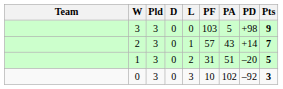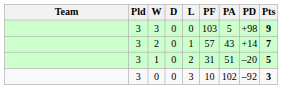 <table class="wikitable" style="text-align:center;">
 <tr>
 <th width=190>Team</th>
+<th width=20 abbr="Played">Pld</th>
 <th width=20 abbr="Won">W</th>
-<th width=20 abbr="Played">Pld</th>
 <th width=20 abbr="Drawn">D</th>
 <th width=20 abbr="Lost">L</th>
 <th width=20 abbr="Points for">PF</th>
 <th width=20 abbr="Points against">PA</th>
 <th width=25 abbr="Points difference">PD</th>
 <th width=20 abbr="Points">Pts</th>
 </tr>
 <tr style="background:#ccffcc">
 <td align=left></td>
 <td>3</td>
 <td>3</td>
 <td>0</td>
 <td>0</td>
 <td>103</td>
 <td>5</td>
 <td>+98</td>
 <td><strong>9</strong></td>
 </tr>
 <tr style="background:#ccffcc">
 <td align=left></td>
+<td>3</td>
 <td>2</td>
-<td>3</td>
 <td>0</td>
 <td>1</td>
 <td>57</td>
 <td>43</td>
 <td>+14</td>
 <td><strong>7</strong></td>
 </tr>
 <tr style="background:#ccffcc">
 <td align=left></td>
+<td>3</td>
 <td>1</td>
-<td>3</td>
 <td>0</td>
 <td>2</td>
 <td>31</td>
 <td>51</td>
 <td>–20</td>
 <td><strong>5</strong></td>
 </tr>
 <tr>
 <td align=left></td>
+<td>3</td>
 <td>0</td>
-<td>3</td>
 <td>0</td>
 <td>3</td>
 <td>10</td>
 <td>102</td>
 <td>–92</td>
 <td><strong>3</strong></td>
 </tr>
 </table>
